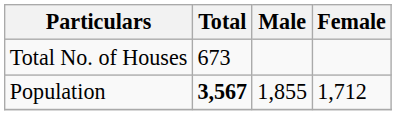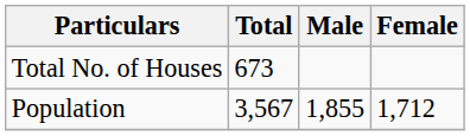 <table class="wikitable sortable">
 <tr>
 <th>Particulars</th>
 <th>Total</th>
 <th>Male</th>
 <th>Female</th>
 </tr>
 <tr>
 <td>Total No. of Houses</td>
 <td>673</td>
 <td></td>
 <td></td>
 </tr>
 <tr>
 <td>Population</td>
-<td><strong>3,567</strong></td>
+<td>3,567</td>
 <td>1,855</td>
 <td>1,712</td>
 </tr>
 <tr>
 </tr>
 </table>
